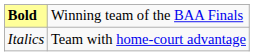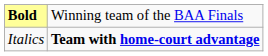 <table class="wikitable">
 <tr>
 <td bgcolor=#FFFF99><strong>Bold</strong></td>
 <td>Winning team of the <a href='#'>BAA Finals</a></td>
 </tr>
 <tr>
 <td><em>Italics</em></td>
-<td>Team with <a href='#'>home-court advantage</a></td>
+<td><strong>Team with <a href='#'>home-court advantage</a></strong></td>
 </tr>
 </table>
